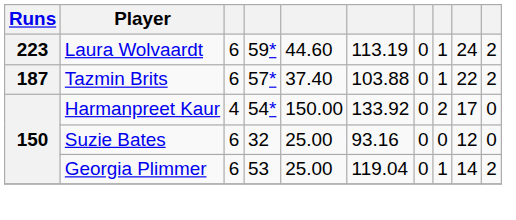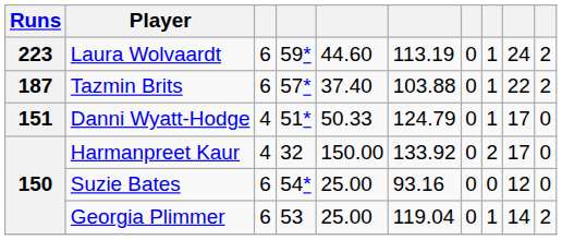 <table class="wikitable sortable" style="text-align:centre;">
 <tr>
 <th scope=col><a href='#'>Runs</a></th>
 <th scope=col>Player</th>
 <th scope=col><a href='#'></a></th>
 <th scope=col></th>
 <th scope=col><a href='#'></a></th>
 <th scope=col><a href='#'></a></th>
 <th scope=col><a href='#'></a></th>
 <th scope=col></th>
 <th scope=col><a href='#'></a></th>
 <th scope=col><a href='#'></a></th>
 </tr>
 <tr>
 <th>223</th>
 <td> <a href='#'>Laura Wolvaardt</a></td>
 <td>6</td>
 <td>59<a href='#'>*</a></td>
 <td>44.60</td>
 <td>113.19</td>
 <td>0</td>
 <td>1</td>
 <td>24</td>
 <td>2</td>
 </tr>
 <tr>
 <th>187</th>
 <td> <a href='#'>Tazmin Brits</a></td>
 <td>6</td>
 <td>57<a href='#'>*</a></td>
 <td>37.40</td>
 <td>103.88</td>
 <td>0</td>
 <td>1</td>
 <td>22</td>
 <td>2</td>
 </tr>
 <tr>
+<th>151</th>
+<td> <a href='#'>Danni Wyatt-Hodge</a></td>
+<td>4</td>
+<td>51<a href='#'>*</a></td>
+<td>50.33</td>
+<td>124.79</td>
+<td>0</td>
+<td>1</td>
+<td>17</td>
+<td>0</td>
+</tr>
+<tr>
 <th rowspan=3>150</th>
 <td> <a href='#'>Harmanpreet Kaur</a></td>
 <td>4</td>
-<td>54<a href='#'>*</a></td>
+<td>32</td>
 <td>150.00</td>
 <td>133.92</td>
 <td>0</td>
 <td>2</td>
 <td>17</td>
 <td>0</td>
 </tr>
 <tr>
 <td> <a href='#'>Suzie Bates</a></td>
 <td>6</td>
-<td>32</td>
+<td>54<a href='#'>*</a></td>
 <td>25.00</td>
 <td>93.16</td>
 <td>0</td>
 <td>0</td>
 <td>12</td>
 <td>0</td>
 </tr>
 <tr>
 <td> <a href='#'>Georgia Plimmer</a></td>
 <td>6</td>
 <td>53</td>
 <td>25.00</td>
 <td>119.04</td>
 <td>0</td>
 <td>1</td>
 <td>14</td>
 <td>2</td>
 </tr>
 <tr>
 </tr>
 </table>
